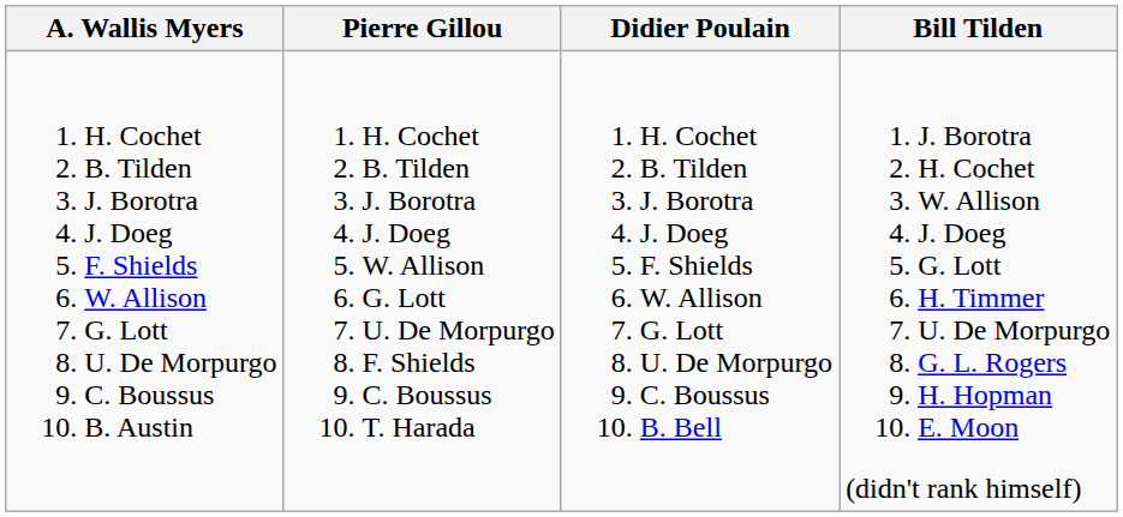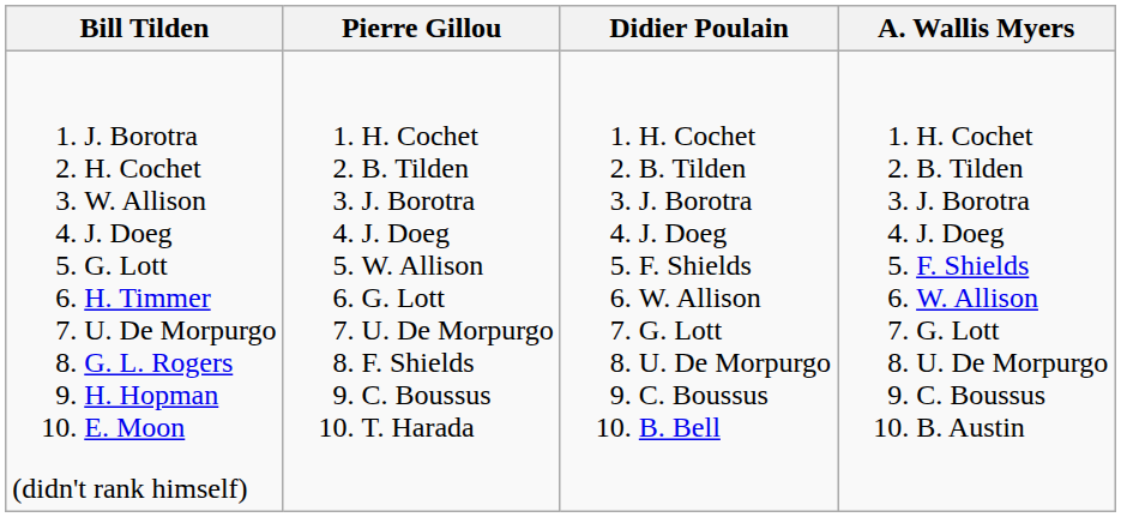 <table class="wikitable">
 <tr>
-<th>A. Wallis Myers</th>
+<th>Bill Tilden</th>
 <th>Pierre Gillou</th>
 <th>Didier Poulain</th>
-<th>Bill Tilden</th>
+<th>A. Wallis Myers</th>
 </tr>
 <tr style="vertical-align: top;">
-<td style="white-space: nowrap;"><br><ol><li> H. Cochet</li><li> B. Tilden</li><li> J. Borotra</li><li> J. Doeg</li><li> <a href='#'>F. Shields</a></li><li> <a href='#'>W. Allison</a></li><li> G. Lott</li><li> U. De Morpurgo</li><li> C. Boussus</li><li> B. Austin</li></ol></td>
+<td style="white-space: nowrap;"><br><ol><li> J. Borotra</li><li> H. Cochet</li><li> W. Allison</li><li> J. Doeg</li><li> G. Lott</li><li> <a href='#'>H. Timmer</a></li><li> U. De Morpurgo</li><li> <a href='#'>G. L. Rogers</a></li><li> <a href='#'>H. Hopman</a></li><li> <a href='#'>E. Moon</a></li></ol>(didn't rank himself)</td>
 <td style="white-space: nowrap;"><br><ol><li> H. Cochet</li><li> B. Tilden</li><li> J. Borotra</li><li> J. Doeg</li><li> W. Allison</li><li> G. Lott</li><li> U. De Morpurgo</li><li> F. Shields</li><li> C. Boussus</li><li> T. Harada</li></ol></td>
 <td style="white-space: nowrap;"><br><ol><li> H. Cochet</li><li> B. Tilden</li><li> J. Borotra</li><li> J. Doeg</li><li> F. Shields</li><li> W. Allison</li><li> G. Lott</li><li> U. De Morpurgo</li><li> C. Boussus</li><li> <a href='#'>B. Bell</a></li></ol></td>
-<td style="white-space: nowrap;"><br><ol><li> J. Borotra</li><li> H. Cochet</li><li> W. Allison</li><li> J. Doeg</li><li> G. Lott</li><li> <a href='#'>H. Timmer</a></li><li> U. De Morpurgo</li><li> <a href='#'>G. L. Rogers</a></li><li> <a href='#'>H. Hopman</a></li><li> <a href='#'>E. Moon</a></li></ol>(didn't rank himself)</td>
+<td style="white-space: nowrap;"><br><ol><li> H. Cochet</li><li> B. Tilden</li><li> J. Borotra</li><li> J. Doeg</li><li> <a href='#'>F. Shields</a></li><li> <a href='#'>W. Allison</a></li><li> G. Lott</li><li> U. De Morpurgo</li><li> C. Boussus</li><li> B. Austin</li></ol></td>
 </tr>
 </table>
